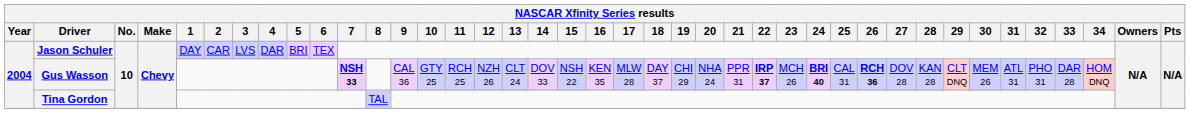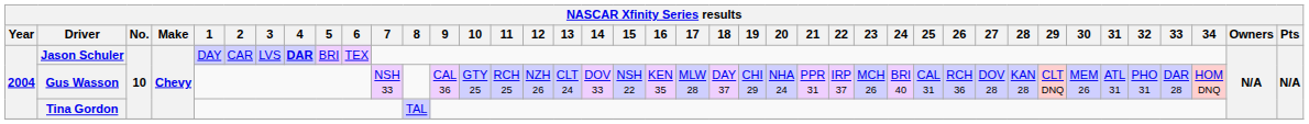 <table class="wikitable" style="text-align:center; font-size:75%">
 <tr>
 <th colspan=45><a href='#'>NASCAR Xfinity Series</a> results</th>
 </tr>
 <tr>
 <th>Year</th>
 <th>Driver</th>
 <th>No.</th>
 <th>Make</th>
 <th>1</th>
 <th>2</th>
 <th>3</th>
 <th>4</th>
 <th>5</th>
 <th>6</th>
 <th>7</th>
 <th>8</th>
 <th>9</th>
 <th>10</th>
 <th>11</th>
 <th>12</th>
 <th>13</th>
 <th>14</th>
 <th>15</th>
 <th>16</th>
 <th>17</th>
 <th>18</th>
 <th>19</th>
 <th>20</th>
 <th>21</th>
 <th>22</th>
 <th>23</th>
 <th>24</th>
 <th>25</th>
 <th>26</th>
 <th>27</th>
 <th>28</th>
 <th>29</th>
 <th>30</th>
 <th>31</th>
 <th>32</th>
 <th>33</th>
 <th>34</th>
 <th>Owners</th>
 <th>Pts</th>
 </tr>
 <tr>
 <th rowspan=3><a href='#'>2004</a></th>
 <th><a href='#'>Jason Schuler</a></th>
 <th rowspan=3>10</th>
 <th rowspan=3><a href='#'>Chevy</a></th>
 <td style="background:#CFCFFF;"><a href='#'>DAY</a><br></td>
 <td style="background:#CFCFFF;"><a href='#'>CAR</a><br></td>
 <td style="background:#CFCFFF;"><a href='#'>LVS</a><br></td>
-<td style="background:#CFCFFF;"><a href='#'>DAR</a><br></td>
+<td style="background:#CFCFFF;"><strong><a href='#'>DAR</a><br></strong></td>
 <td style="background:#EFCFFF;"><a href='#'>BRI</a><br></td>
 <td style="background:#EFCFFF;"><a href='#'>TEX</a><br></td>
 <td colspan=28></td>
 <th rowspan=3>N/A</th>
 <th rowspan=3>N/A</th>
 </tr>
 <tr>
 <th><a href='#'>Gus Wasson</a></th>
 <td colspan=6></td>
-<td style="background:#EFCFFF;"><strong><a href='#'>NSH</a><br><small>33</small></strong></td>
+<td style="background:#EFCFFF;"><a href='#'>NSH</a><br><small>33</small></td>
 <td></td>
 <td style="background:#EFCFFF;"><a href='#'>CAL</a><br><small>36</small></td>
 <td style="background:#CFCFFF;"><a href='#'>GTY</a><br><small>25</small></td>
 <td style="background:#CFCFFF;"><a href='#'>RCH</a><br><small>25</small></td>
 <td style="background:#CFCFFF;"><a href='#'>NZH</a><br><small>26</small></td>
 <td style="background:#CFCFFF;"><a href='#'>CLT</a><br><small>24</small></td>
 <td style="background:#EFCFFF;"><a href='#'>DOV</a><br><small>33</small></td>
 <td style="background:#CFCFFF;"><a href='#'>NSH</a><br><small>22</small></td>
 <td style="background:#EFCFFF;"><a href='#'>KEN</a><br><small>35</small></td>
 <td style="background:#CFCFFF;"><a href='#'>MLW</a><br><small>28</small></td>
 <td style="background:#EFCFFF;"><a href='#'>DAY</a><br><small>37</small></td>
 <td style="background:#CFCFFF;"><a href='#'>CHI</a><br><small>29</small></td>
 <td style="background:#CFCFFF;"><a href='#'>NHA</a><br><small>24</small></td>
 <td style="background:#EFCFFF;"><a href='#'>PPR</a><br><small>31</small></td>
-<td style="background:#EFCFFF;"><strong><a href='#'>IRP</a><br><small>37</small></strong></td>
+<td style="background:#EFCFFF;"><a href='#'>IRP</a><br><small>37</small></td>
 <td style="background:#CFCFFF;"><a href='#'>MCH</a><br><small>26</small></td>
-<td style="background:#EFCFFF;"><strong><a href='#'>BRI</a><br><small>40</small></strong></td>
+<td style="background:#EFCFFF;"><a href='#'>BRI</a><br><small>40</small></td>
 <td style="background:#CFCFFF;"><a href='#'>CAL</a><br><small>31</small></td>
-<td style="background:#CFCFFF;"><strong><a href='#'>RCH</a><br><small>36</small></strong></td>
+<td style="background:#CFCFFF;"><a href='#'>RCH</a><br><small>36</small></td>
 <td style="background:#CFCFFF;"><a href='#'>DOV</a><br><small>28</small></td>
 <td style="background:#CFCFFF;"><a href='#'>KAN</a><br><small>28</small></td>
 <td style="background:#FFCFCF;"><a href='#'>CLT</a><br><small>DNQ</small></td>
 <td style="background:#CFCFFF;"><a href='#'>MEM</a><br><small>26</small></td>
 <td style="background:#CFCFFF;"><a href='#'>ATL</a><br><small>31</small></td>
 <td style="background:#CFCFFF;"><a href='#'>PHO</a><br><small>31</small></td>
 <td style="background:#CFCFFF;"><a href='#'>DAR</a><br><small>28</small></td>
 <td style="background:#FFCFCF;"><a href='#'>HOM</a><br><small>DNQ</small></td>
 </tr>
 <tr>
 <th><a href='#'>Tina Gordon</a></th>
 <td colspan=7></td>
 <td style="background:#CFCFFF;"><a href='#'>TAL</a><br></td>
 <td colspan=26></td>
 </tr>
 <tr>
 </tr>
 </table>
